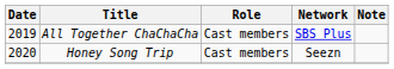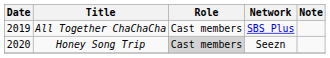 <table class="wikitable" style="text-align:center;">
 <tr>
 <th>Date</th>
 <th>Title</th>
 <th>Role</th>
 <th>Network</th>
 <th>Note</th>
 </tr>
 <tr>
 <td>2019</td>
 <td><em>All Together ChaChaCha</em></td>
 <td>Cast members</td>
 <td><a href='#'>SBS Plus</a></td>
 <td></td>
 </tr>
 <tr>
 <td>2020</td>
 <td><em>Honey Song Trip</em></td>
-<td>Cast members</td>
+<td style="background: lightgrey;">Cast members</td>
 <td>Seezn</td>
 <td></td>
 </tr>
 <tr>
 </tr>
 </table>
